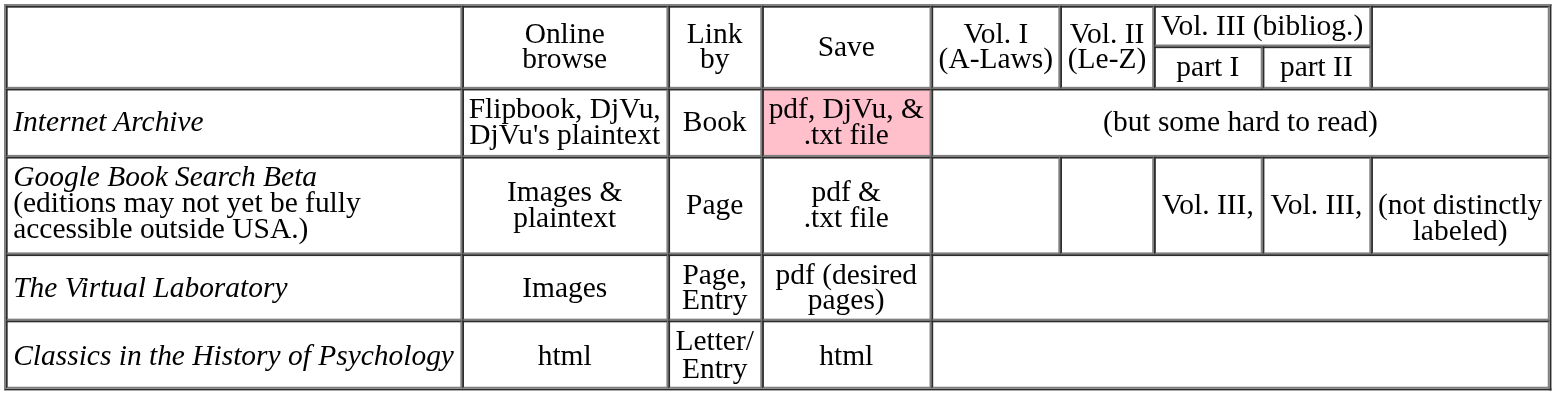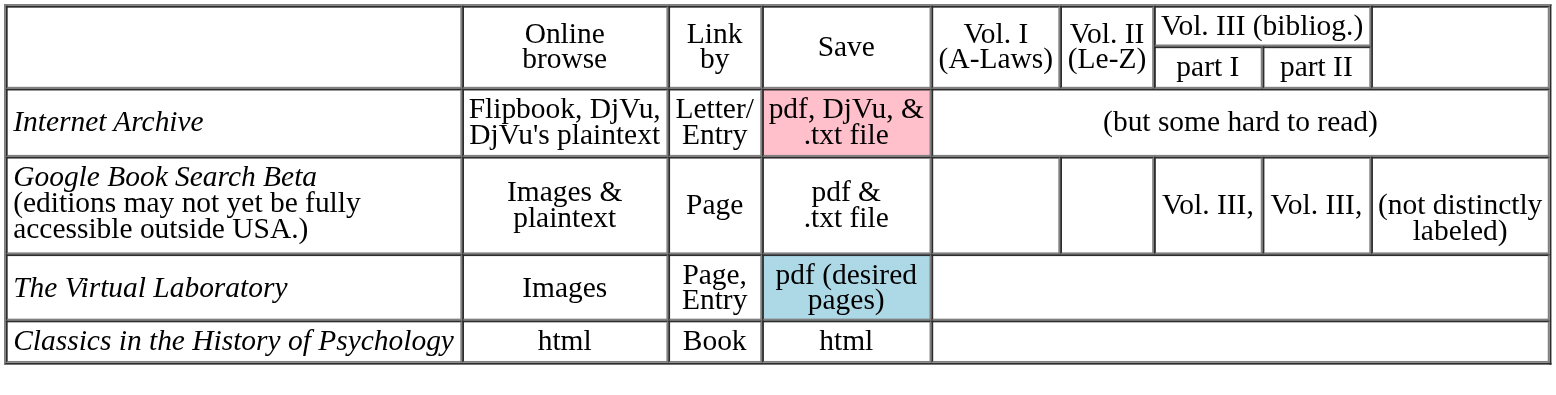 <table style="text-align: center; line-height: 90%" border=1 cellSpacing=0 cellPadding=3>
 <tr>
 <td align=left rowSpan=2> </td>
 <td rowSpan=2>Online <br>browse</td>
 <td rowSpan=2>Link <br>by</td>
 <td rowSpan=2>Save</td>
 <td rowSpan=2>Vol. I <br>(A-Laws)</td>
 <td rowSpan=2>Vol. II <br>(Le-Z)</td>
 <td colSpan=2>Vol. III (bibliog.)</td>
 <td rowSpan=2> </td>
 </tr>
 <tr>
 <td>part I</td>
 <td>part II</td>
 </tr>
 <tr>
 <td align=left><em>Internet Archive</em></td>
 <td>Flipbook, DjVu,<br>DjVu's plaintext</td>
-<td>Book</td>
+<td>Letter/<br>Entry</td>
 <td style="background: pink;">pdf, DjVu, & <br>.txt file</td>
 <td colSpan=5> (but some hard to read)</td>
 </tr>
 <tr>
 <td style="padding-bottom:0.3em" align=left><em>Google Book Search Beta</em> <br>(editions may not yet be fully <br>accessible outside USA.<span></span>)</td>
 <td>Images & <br>plaintext</td>
 <td>Page</td>
 <td>pdf & <br>.txt file</td>
 <td></td>
 <td></td>
 <td>Vol. III, <br></td>
 <td>Vol. III, <br></td>
 <td><br>(not distinctly <br>labeled)</td>
 </tr>
 <tr>
 <td align=left><em>The Virtual Laboratory</em></td>
 <td>Images</td>
 <td>Page, <br> Entry</td>
-<td>pdf (desired <br> pages)</td>
+<td style="background: lightblue;">pdf (desired <br> pages)</td>
 <td colSpan=5><br><div></div> <div></div></td>
 </tr>
 <tr>
 <td align=left><em>Classics in the History of Psychology</em></td>
 <td>html</td>
-<td>Letter/<br>Entry</td>
+<td>Book</td>
 <td>html</td>
 <td colSpan=5 align=left><br></td>
 </tr>
 </table>
